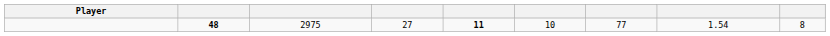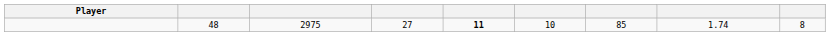 <table class="wikitable sortable" style="width:100%;">
 <tr style="text-align:center; background:#ddd;">
 <th>Player</th>
 <th></th>
 <th></th>
 <th></th>
 <th></th>
 <th></th>
 <th></th>
 <th></th>
 <th></th>
 </tr>
 <tr align=center>
 <td></td>
-<td><strong>48</strong></td>
+<td>48</td>
 <td>2975</td>
 <td>27</td>
 <td><strong>11</strong></td>
 <td>10</td>
-<td>77</td>
-<td>1.54</td>
+<td>85</td>
+<td>1.74</td>
 <td>8</td>
 </tr>
 </table>
